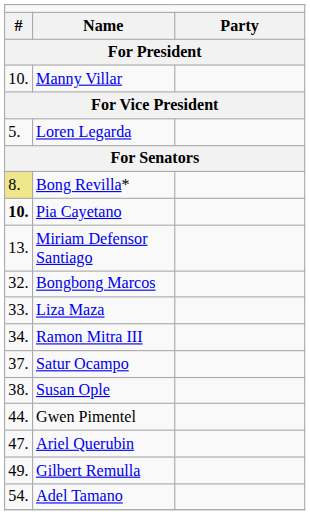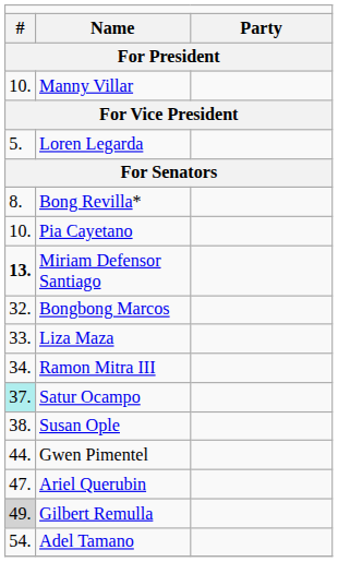 <table class=wikitable style="font-size:90%">
 <tr>
 <td colspan=4 bgcolor=></td>
 </tr>
 <tr>
 <th>#</th>
 <th width=120px>Name</th>
 <th colspan=2 width=110px>Party</th>
 </tr>
 <tr>
 <th colspan=5>For President</th>
 </tr>
 <tr>
 <td>10.</td>
 <td><a href='#'>Manny Villar</a></td>
 <td></td>
 </tr>
 <tr>
 <th colspan=5>For Vice President</th>
 </tr>
 <tr>
 <td>5.</td>
 <td><a href='#'>Loren Legarda</a></td>
 <td></td>
 </tr>
 <tr>
 <th colspan=5>For Senators</th>
 </tr>
 <tr>
-<td style="background: khaki;">8.</td>
+<td>8.</td>
 <td><a href='#'>Bong Revilla</a>*</td>
 <td></td>
 </tr>
 <tr>
-<td><strong>10.</strong></td>
+<td>10.</td>
 <td><a href='#'>Pia Cayetano</a></td>
 <td></td>
 </tr>
 <tr>
-<td>13.</td>
+<td><strong>13.</strong></td>
 <td><a href='#'>Miriam Defensor Santiago</a></td>
 <td></td>
 </tr>
 <tr>
 <td>32.</td>
 <td><a href='#'>Bongbong Marcos</a></td>
 <td></td>
 </tr>
 <tr>
 <td>33.</td>
 <td><a href='#'>Liza Maza</a></td>
 <td></td>
 </tr>
 <tr>
 <td>34.</td>
 <td><a href='#'>Ramon Mitra III</a></td>
 <td></td>
 </tr>
 <tr>
-<td>37.</td>
+<td style="background: paleturquoise;">37.</td>
 <td><a href='#'>Satur Ocampo</a></td>
 <td></td>
 </tr>
 <tr>
 <td>38.</td>
 <td><a href='#'>Susan Ople</a></td>
 <td></td>
 </tr>
 <tr>
 <td>44.</td>
 <td>Gwen Pimentel</td>
 <td></td>
 </tr>
 <tr>
 <td>47.</td>
 <td><a href='#'>Ariel Querubin</a></td>
 <td></td>
 </tr>
 <tr>
-<td>49.</td>
+<td style="background: lightgrey;">49.</td>
 <td><a href='#'>Gilbert Remulla</a></td>
 <td></td>
 </tr>
 <tr>
 <td>54.</td>
 <td><a href='#'>Adel Tamano</a></td>
 <td></td>
 </tr>
 <tr>
 </tr>
 </table>
